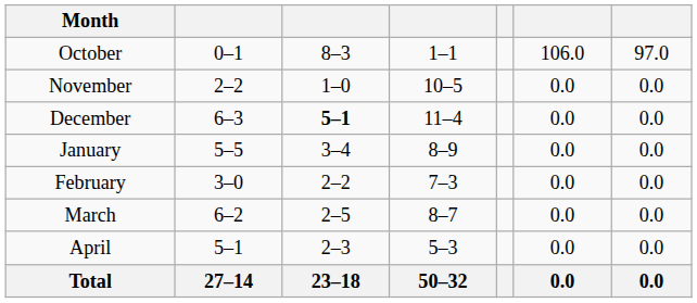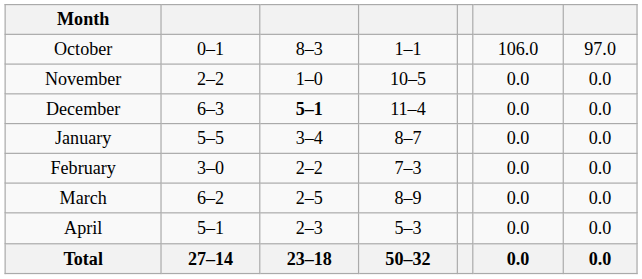 <table class="wikitable" style="margin:1em auto; font-size:95%; text-align:center; width:35em;">
 <tr>
 <th>Month</th>
 <th></th>
 <th></th>
 <th></th>
 <th></th>
 <th></th>
 <th></th>
 </tr>
 <tr>
 <td>October</td>
 <td>0–1</td>
 <td>8–3</td>
 <td>1–1</td>
 <td></td>
 <td>106.0</td>
 <td>97.0</td>
 </tr>
 <tr>
 <td>November</td>
 <td>2–2</td>
 <td>1–0</td>
 <td>10–5</td>
 <td></td>
 <td>0.0</td>
 <td>0.0</td>
 </tr>
 <tr>
 <td>December</td>
 <td>6–3</td>
 <td><strong>5–1</strong></td>
 <td>11–4</td>
 <td></td>
 <td>0.0</td>
 <td>0.0</td>
 </tr>
 <tr>
 <td>January</td>
 <td>5–5</td>
 <td>3–4</td>
-<td>8–9</td>
+<td>8–7</td>
 <td></td>
 <td>0.0</td>
 <td>0.0</td>
 </tr>
 <tr>
 <td>February</td>
 <td>3–0</td>
 <td>2–2</td>
 <td>7–3</td>
 <td></td>
 <td>0.0</td>
 <td>0.0</td>
 </tr>
 <tr>
 <td>March</td>
 <td>6–2</td>
 <td>2–5</td>
-<td>8–7</td>
+<td>8–9</td>
 <td></td>
 <td>0.0</td>
 <td>0.0</td>
 </tr>
 <tr>
 <td>April</td>
 <td>5–1</td>
 <td>2–3</td>
 <td>5–3</td>
 <td></td>
 <td>0.0</td>
 <td>0.0</td>
 </tr>
 <tr>
 <th>Total</th>
 <th>27–14</th>
 <th>23–18</th>
 <th>50–32</th>
 <th></th>
 <th>0.0</th>
 <th>0.0</th>
 </tr>
 </table>
